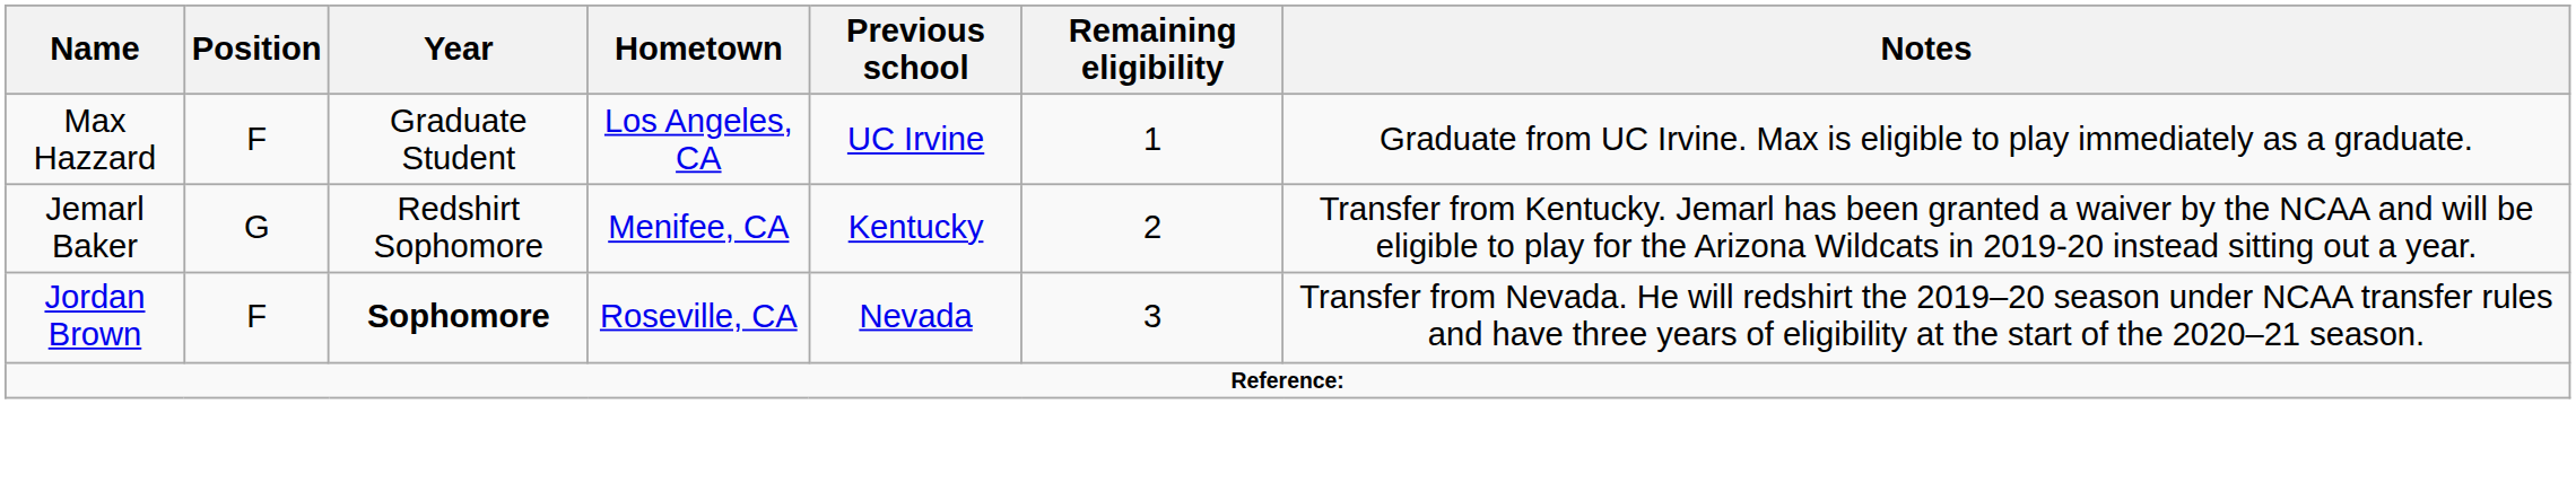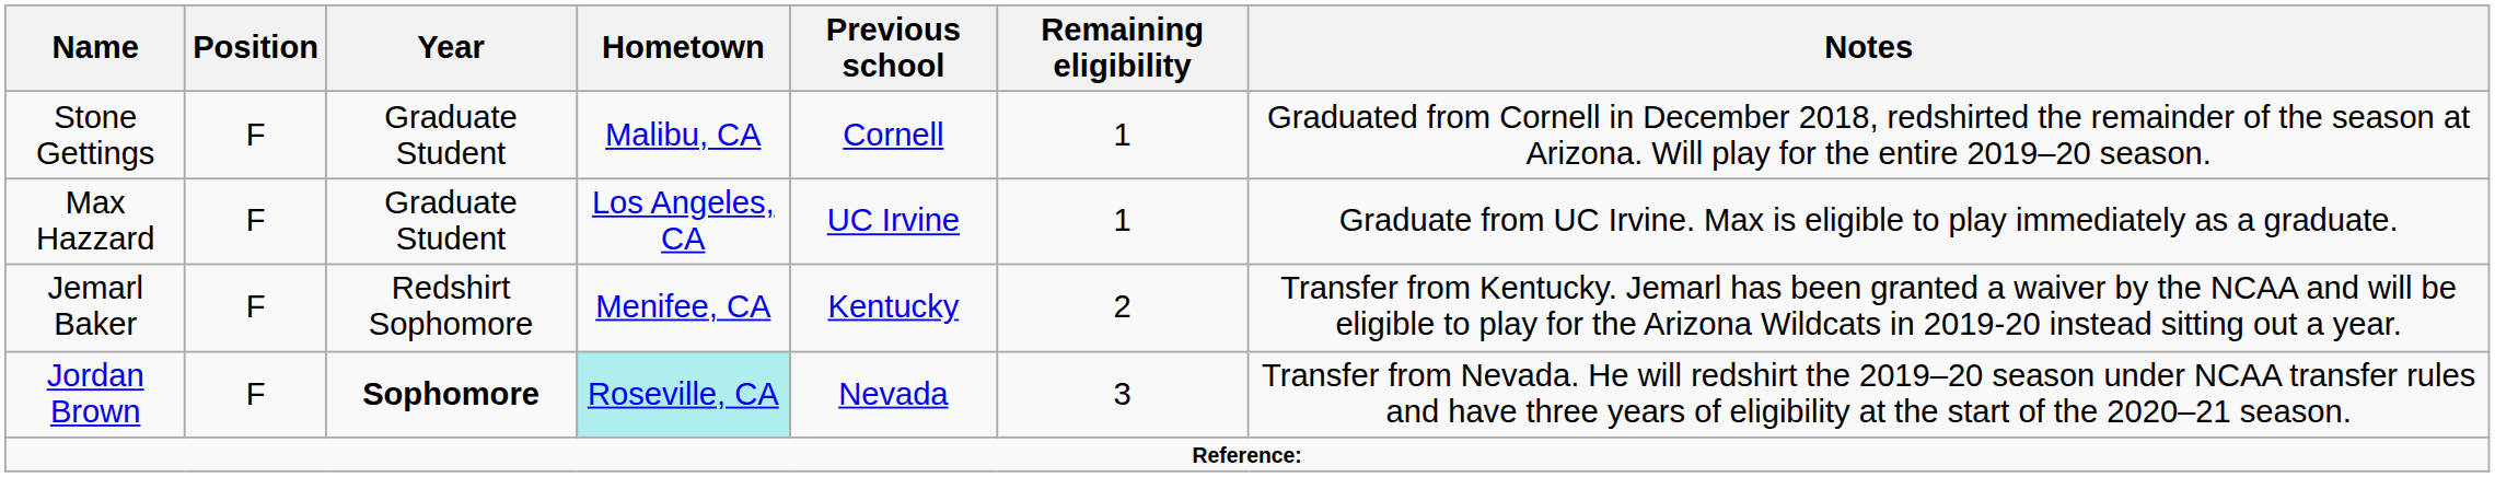 <table class="wikitable" style="text-align: center">
 <tr align=center>
 <th>Name</th>
 <th>Position</th>
 <th>Year</th>
 <th>Hometown</th>
 <th>Previous school</th>
 <th>Remaining eligibility</th>
 <th>Notes</th>
+</tr>
+<tr>
+<td>Stone Gettings</td>
+<td>F</td>
+<td>Graduate Student</td>
+<td><a href='#'>Malibu, CA</a></td>
+<td><a href='#'>Cornell</a></td>
+<td>1</td>
+<td>Graduated from Cornell in December 2018, redshirted the remainder of the season at Arizona. Will play for the entire 2019–20 season.</td>
 </tr>
 <tr>
 <td>Max Hazzard</td>
 <td>F</td>
 <td>Graduate Student</td>
 <td><a href='#'>Los Angeles, CA</a></td>
 <td><a href='#'>UC Irvine</a></td>
 <td>1</td>
 <td>Graduate from UC Irvine. Max is eligible to play immediately as a graduate.</td>
 </tr>
 <tr>
 <td>Jemarl Baker</td>
-<td>G</td>
+<td>F</td>
 <td>Redshirt Sophomore</td>
 <td><a href='#'>Menifee, CA</a></td>
 <td><a href='#'>Kentucky</a></td>
 <td>2</td>
 <td>Transfer from Kentucky. Jemarl has been granted a waiver by the NCAA and will be eligible to play for the Arizona Wildcats in 2019-20 instead sitting out a year.</td>
 </tr>
 <tr>
 <td><a href='#'>Jordan Brown</a></td>
 <td>F</td>
 <td><strong>Sophomore</strong></td>
-<td><a href='#'>Roseville, CA</a></td>
+<td style="background: paleturquoise;"><a href='#'>Roseville, CA</a></td>
 <td><a href='#'>Nevada</a></td>
 <td>3</td>
 <td>Transfer from Nevada. He will redshirt the 2019–20 season under NCAA transfer rules and have three years of eligibility at the start of the 2020–21 season.</td>
 </tr>
 <tr>
 <td colspan="7" style="font-size:8pt; text-align:center;"><strong>Reference:</strong></td>
 </tr>
 </table>
